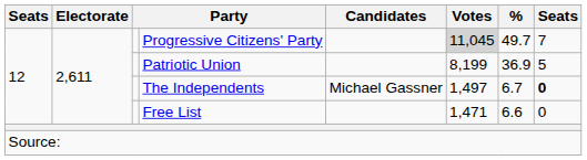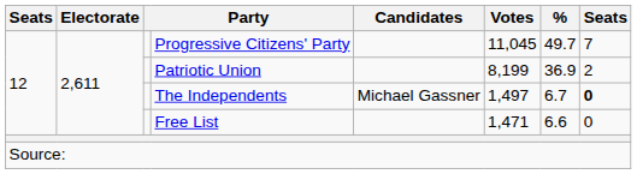 <table class="wikitable">
 <tr>
 <th>Seats</th>
 <th>Electorate</th>
 <th colspan="2">Party</th>
 <th>Candidates</th>
 <th>Votes</th>
 <th>%</th>
 <th>Seats</th>
 </tr>
 <tr>
 <td rowspan="4">12</td>
 <td rowspan="4">2,611</td>
 <td style="color:inherit;background:"></td>
 <td><a href='#'>Progressive Citizens' Party</a></td>
 <td></td>
-<td style="background: lightgrey;">11,045</td>
+<td>11,045</td>
 <td>49.7</td>
 <td>7</td>
 </tr>
 <tr>
 <td style="color:inherit;background:"></td>
 <td><a href='#'>Patriotic Union</a></td>
 <td></td>
 <td>8,199</td>
 <td>36.9</td>
-<td>5</td>
+<td>2</td>
 </tr>
 <tr>
 <td style="color:inherit;background:"></td>
 <td><a href='#'>The Independents</a></td>
 <td>Michael Gassner</td>
 <td>1,497</td>
 <td>6.7</td>
 <td><strong>0</strong></td>
 </tr>
 <tr>
 <td style="color:inherit;background:"></td>
 <td><a href='#'>Free List</a></td>
 <td></td>
 <td>1,471</td>
 <td>6.6</td>
 <td>0</td>
 </tr>
 <tr>
 <th colspan="8"></th>
 </tr>
 <tr>
 <td colspan="8" style="text-align:left">Source: </td>
 </tr>
 </table>
